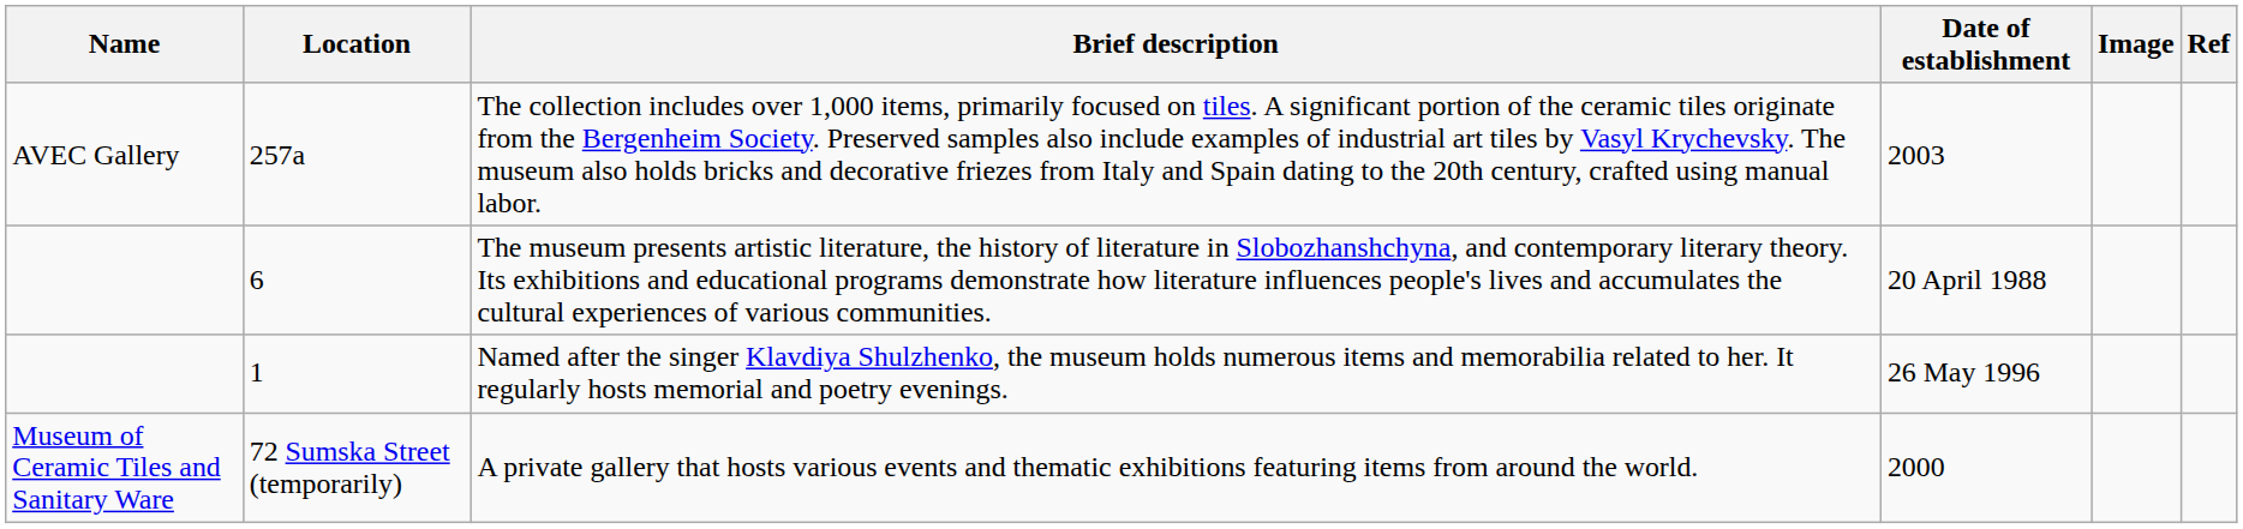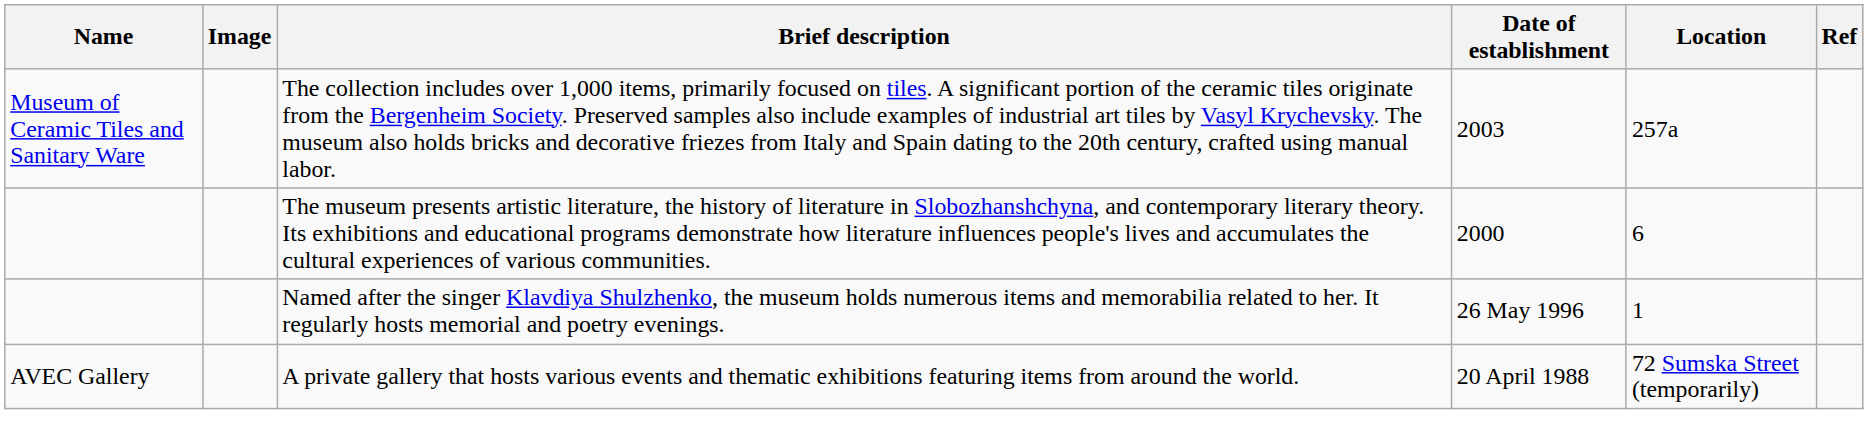 <table class="wikitable">
 <tr>
 <th>Name</th>
-<th>Location</th>
+<th>Image</th>
 <th>Brief description</th>
 <th>Date of establishment</th>
-<th>Image</th>
+<th>Location</th>
 <th>Ref</th>
 </tr>
 <tr>
-<td>AVEC Gallery</td>
-<td>257a </td>
+<td><a href='#'>Museum of Ceramic Tiles and Sanitary Ware</a></td>
+<td></td>
 <td>The collection includes over 1,000 items, primarily focused on <a href='#'>tiles</a>. A significant portion of the ceramic tiles originate from the <a href='#'>Bergenheim Society</a>. Preserved samples also include examples of industrial art tiles by <a href='#'>Vasyl Krychevsky</a>. The museum also holds bricks and decorative friezes from Italy and Spain dating to the 20th century, crafted using manual labor.</td>
 <td>2003</td>
-<td></td>
+<td>257a </td>
 <td></td>
 </tr>
 <tr>
 <td></td>
+<td></td>
+<td>The museum presents artistic literature, the history of literature in <a href='#'>Slobozhanshchyna</a>, and contemporary literary theory. Its exhibitions and educational programs demonstrate how literature influences people's lives and accumulates the cultural experiences of various communities.</td>
+<td>2000</td>
 <td>6 </td>
-<td>The museum presents artistic literature, the history of literature in <a href='#'>Slobozhanshchyna</a>, and contemporary literary theory. Its exhibitions and educational programs demonstrate how literature influences people's lives and accumulates the cultural experiences of various communities.</td>
-<td>20 April 1988</td>
-<td></td>
 <td></td>
 </tr>
 <tr>
 <td></td>
-<td>1 </td>
+<td></td>
 <td>Named after the singer <a href='#'>Klavdiya Shulzhenko</a>, the museum holds numerous items and memorabilia related to her. It regularly hosts memorial and poetry evenings.</td>
 <td>26 May 1996</td>
-<td></td>
+<td>1 </td>
 <td></td>
 </tr>
 <tr>
-<td><a href='#'>Museum of Ceramic Tiles and Sanitary Ware</a></td>
+<td>AVEC Gallery</td>
+<td></td>
+<td>A private gallery that hosts various events and thematic exhibitions featuring items from around the world.</td>
+<td>20 April 1988</td>
 <td>72 <a href='#'>Sumska Street</a> (temporarily)</td>
-<td>A private gallery that hosts various events and thematic exhibitions featuring items from around the world.</td>
-<td>2000</td>
-<td></td>
 <td></td>
 </tr>
 </table>
